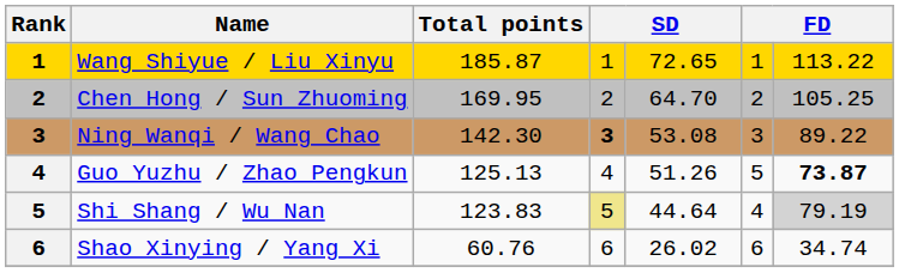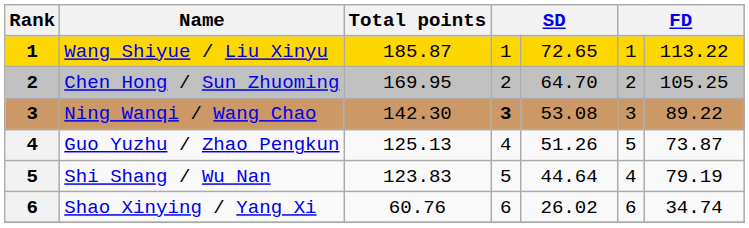 <table class="wikitable sortable">
 <tr>
 <th>Rank</th>
 <th>Name</th>
 <th>Total points</th>
 <th colspan="2" width="80px"><a href='#'>SD</a></th>
 <th colspan="2" width="80px"><a href='#'>FD</a></th>
 </tr>
 <tr bgcolor="gold">
 <td align="center"><strong>1</strong></td>
 <td><a href='#'>Wang Shiyue</a> / <a href='#'>Liu Xinyu</a></td>
 <td align="center">185.87</td>
 <td align="center">1</td>
 <td align="center">72.65</td>
 <td align="center">1</td>
 <td align="center">113.22</td>
 </tr>
 <tr bgcolor="silver">
 <td align="center"><strong>2</strong></td>
 <td><a href='#'>Chen Hong</a> / <a href='#'>Sun Zhuoming</a></td>
 <td align="center">169.95</td>
 <td align="center">2</td>
 <td align="center">64.70</td>
 <td align="center">2</td>
 <td align="center">105.25</td>
 </tr>
 <tr bgcolor="cc9966">
 <td align="center"><strong>3</strong></td>
 <td><a href='#'>Ning Wanqi</a> / <a href='#'>Wang Chao</a></td>
 <td align="center">142.30</td>
 <td align="center"><strong>3</strong></td>
 <td align="center">53.08</td>
 <td align="center">3</td>
 <td align="center">89.22</td>
 </tr>
 <tr>
 <th>4</th>
 <td><a href='#'>Guo Yuzhu</a> / <a href='#'>Zhao Pengkun</a></td>
 <td align="center">125.13</td>
 <td align="center">4</td>
 <td align="center">51.26</td>
 <td align="center">5</td>
-<td align="center"><strong>73.87</strong></td>
+<td align="center">73.87</td>
 </tr>
 <tr>
 <th>5</th>
 <td><a href='#'>Shi Shang</a> / <a href='#'>Wu Nan</a></td>
 <td align="center">123.83</td>
-<td align="center" style="background: khaki;">5</td>
+<td align="center">5</td>
 <td align="center">44.64</td>
 <td align="center">4</td>
-<td align="center" style="background: lightgrey;">79.19</td>
+<td align="center">79.19</td>
 </tr>
 <tr>
 <th>6</th>
 <td><a href='#'>Shao Xinying</a> / <a href='#'>Yang Xi</a></td>
 <td align="center">60.76</td>
 <td align="center">6</td>
 <td align="center">26.02</td>
 <td align="center">6</td>
 <td align="center">34.74</td>
 </tr>
 <tr>
 </tr>
 </table>
